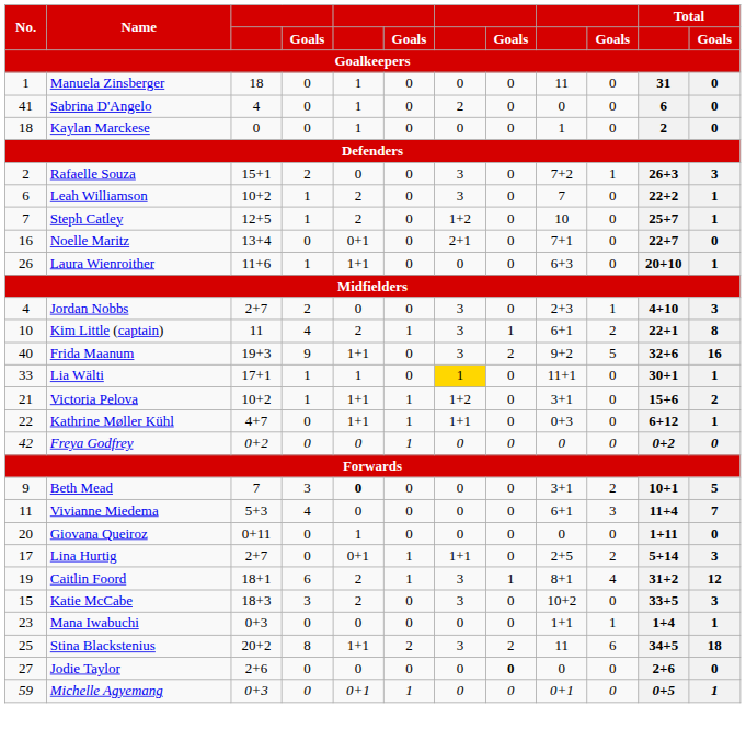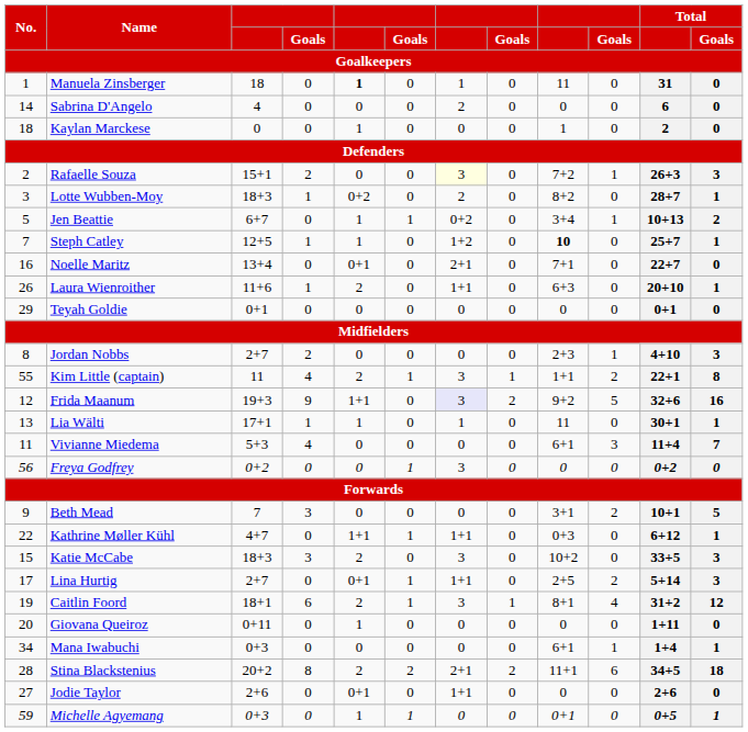 <table class="wikitable" style="text-align:center; font-size:100%; ">
 <tr>
 <th rowspan="2" style="background:#d50000; color:white; text-align:center; width:40px;">No.</th>
 <th rowspan="2" style="background:#d50000; color:white; text-align:center; width:200px;">Name</th>
 <th colspan="2" style="background:#d50000; color:white; text-align:center;"><a href='#'></a></th>
 <th colspan="2" style="background:#d50000; color:white; text-align:center;"><a href='#'></a></th>
 <th colspan="2" style="background:#d50000; color:white; text-align:center;"><a href='#'></a></th>
 <th colspan="2" style="background:#d50000; color:white; text-align:center;"><a href='#'></a></th>
 <th colspan="2" style="background:#d50000; color:white; text-align:center;">Total</th>
 </tr>
 <tr>
 <th style="background:#d50000; color:white; text-align:center; width:50px;"></th>
 <th style="background:#d50000; color:white; text-align:center; width:50px;">Goals</th>
 <th style="background:#d50000; color:white; text-align:center; width:50px;"></th>
 <th style="background:#d50000; color:white; text-align:center; width:50px;">Goals</th>
 <th style="background:#d50000; color:white; text-align:center; width:50px;"></th>
 <th style="background:#d50000; color:white; text-align:center; width:50px;">Goals</th>
 <th style="background:#d50000; color:white; text-align:center; width:50px;"></th>
 <th style="background:#d50000; color:white; text-align:center; width:50px;">Goals</th>
 <th style="background:#d50000; color:white; text-align:center; width:50px;"></th>
 <th style="background:#d50000; color:white; text-align:center; width:50px;">Goals</th>
 </tr>
 <tr>
 <th colspan="12" style="background:#d50000; color:white; text-align:center;">Goalkeepers</th>
 </tr>
 <tr>
 <td>1</td>
 <td align="left"> <a href='#'>Manuela Zinsberger</a></td>
 <td>18</td>
 <td>0</td>
+<td><strong>1</strong></td>
+<td>0</td>
 <td>1</td>
-<td>0</td>
-<td>0</td>
 <td>0</td>
 <td>11</td>
 <td>0</td>
 <th>31</th>
 <th>0</th>
 </tr>
 <tr>
-<td>41</td>
+<td>14</td>
 <td align="left"> <a href='#'>Sabrina D'Angelo</a></td>
 <td>4</td>
 <td>0</td>
-<td>1</td>
+<td>0</td>
 <td>0</td>
 <td>2</td>
 <td>0</td>
 <td>0</td>
 <td>0</td>
 <th>6</th>
 <th>0</th>
 </tr>
 <tr>
 <td>18</td>
 <td align="left"> <a href='#'>Kaylan Marckese</a></td>
 <td>0</td>
 <td>0</td>
 <td>1</td>
 <td>0</td>
 <td>0</td>
 <td>0</td>
 <td>1</td>
 <td>0</td>
 <th>2</th>
 <th>0</th>
 </tr>
 <tr>
 <th colspan="12" style="background:#d50000; color:white; text-align:center;">Defenders</th>
 </tr>
 <tr>
 <td>2</td>
 <td align="left"> <a href='#'>Rafaelle Souza</a></td>
 <td>15+1</td>
 <td>2</td>
 <td>0</td>
 <td>0</td>
-<td>3</td>
+<td style="background: lightyellow;">3</td>
 <td>0</td>
 <td>7+2</td>
 <td>1</td>
 <th>26+3</th>
 <th>3</th>
 </tr>
 <tr>
-<td>6</td>
-<td align="left"> <a href='#'>Leah Williamson</a></td>
-<td>10+2</td>
+<td>3</td>
+<td align="left"> <a href='#'>Lotte Wubben-Moy</a></td>
+<td>18+3</td>
 <td>1</td>
+<td>0+2</td>
+<td>0</td>
 <td>2</td>
 <td>0</td>
-<td>3</td>
+<td>8+2</td>
 <td>0</td>
-<td>7</td>
+<th>28+7</th>
+<th>1</th>
+</tr>
+<tr>
+<td>5</td>
+<td align="left"> <a href='#'>Jen Beattie</a></td>
+<td>6+7</td>
 <td>0</td>
-<th>22+2</th>
-<th>1</th>
+<td>1</td>
+<td>1</td>
+<td>0+2</td>
+<td>0</td>
+<td>3+4</td>
+<td>1</td>
+<th>10+13</th>
+<th>2</th>
 </tr>
 <tr>
 <td>7</td>
 <td align="left"> <a href='#'>Steph Catley</a></td>
 <td>12+5</td>
 <td>1</td>
-<td>2</td>
+<td>1</td>
 <td>0</td>
 <td>1+2</td>
 <td>0</td>
-<td>10</td>
+<td><strong>10</strong></td>
 <td>0</td>
 <th>25+7</th>
 <th>1</th>
 </tr>
 <tr>
 <td>16</td>
 <td align="left"> <a href='#'>Noelle Maritz</a></td>
 <td>13+4</td>
 <td>0</td>
 <td>0+1</td>
 <td>0</td>
 <td>2+1</td>
 <td>0</td>
 <td>7+1</td>
 <td>0</td>
 <th>22+7</th>
 <th>0</th>
 </tr>
 <tr>
 <td>26</td>
 <td align="left"> <a href='#'>Laura Wienroither</a></td>
 <td>11+6</td>
 <td>1</td>
+<td>2</td>
+<td>0</td>
 <td>1+1</td>
-<td>0</td>
-<td>0</td>
 <td>0</td>
 <td>6+3</td>
 <td>0</td>
 <th>20+10</th>
 <th>1</th>
 </tr>
 <tr>
+<td>29</td>
+<td align="left"> <a href='#'>Teyah Goldie</a></td>
+<td>0+1</td>
+<td>0</td>
+<td>0</td>
+<td>0</td>
+<td>0</td>
+<td>0</td>
+<td>0</td>
+<td>0</td>
+<th>0+1</th>
+<th>0</th>
+</tr>
+<tr>
 <th colspan="12" style="background:#d50000; color:white; text-align:center;">Midfielders</th>
 </tr>
 <tr>
-<td>4</td>
+<td>8</td>
 <td align="left"> <a href='#'>Jordan Nobbs</a></td>
 <td>2+7</td>
 <td>2</td>
 <td>0</td>
 <td>0</td>
-<td>3</td>
+<td>0</td>
 <td>0</td>
 <td>2+3</td>
 <td>1</td>
 <th>4+10</th>
 <th>3</th>
 </tr>
 <tr>
-<td>10</td>
+<td>55</td>
 <td align="left"> <a href='#'>Kim Little</a> (<a href='#'>captain</a>)</td>
 <td>11</td>
 <td>4</td>
 <td>2</td>
 <td>1</td>
 <td>3</td>
 <td>1</td>
-<td>6+1</td>
+<td>1+1</td>
 <td>2</td>
 <th>22+1</th>
 <th>8</th>
 </tr>
 <tr>
-<td>40</td>
+<td>12</td>
 <td align="left"> <a href='#'>Frida Maanum</a></td>
 <td>19+3</td>
 <td>9</td>
 <td>1+1</td>
 <td>0</td>
-<td>3</td>
+<td style="background: lavender;">3</td>
 <td>2</td>
 <td>9+2</td>
 <td>5</td>
 <th>32+6</th>
 <th>16</th>
 </tr>
 <tr>
-<td>33</td>
+<td>13</td>
 <td align="left"> <a href='#'>Lia Wälti</a></td>
 <td>17+1</td>
 <td>1</td>
 <td>1</td>
 <td>0</td>
-<td style="background: gold;">1</td>
+<td>1</td>
 <td>0</td>
-<td>11+1</td>
+<td>11</td>
 <td>0</td>
 <th>30+1</th>
 <th>1</th>
 </tr>
 <tr>
-<td>21</td>
-<td align="left"> <a href='#'>Victoria Pelova</a></td>
-<td>10+2</td>
-<td>1</td>
-<td>1+1</td>
-<td>1</td>
-<td>1+2</td>
+<td>11</td>
+<td align="left"> <a href='#'>Vivianne Miedema</a></td>
+<td>5+3</td>
+<td>4</td>
+<td>0</td>
+<td>0</td>
+<td>0</td>
+<td>0</td>
+<td>6+1</td>
+<td>3</td>
+<th>11+4</th>
+<th>7</th>
+</tr>
+<tr>
+<td><em>56</em></td>
+<td align="left"><em> <a href='#'>Freya Godfrey</a></em></td>
+<td><em>0+2</em></td>
+<td><em>0</em></td>
+<td><em>0</em></td>
+<td><em>1</em></td>
+<td>3</td>
+<td><em>0</em></td>
+<td><em>0</em></td>
+<td><em>0</em></td>
+<th><em>0+2</em></th>
+<th><em>0</em></th>
+</tr>
+<tr>
+<th colspan="12" style="background:#d50000; color:white; text-align:center;">Forwards</th>
+</tr>
+<tr>
+<td>9</td>
+<td align="left"> <a href='#'>Beth Mead</a></td>
+<td>7</td>
+<td>3</td>
+<td>0</td>
+<td>0</td>
+<td>0</td>
 <td>0</td>
 <td>3+1</td>
-<td>0</td>
-<th>15+6</th>
-<th>2</th>
+<td>2</td>
+<th>10+1</th>
+<th>5</th>
 </tr>
 <tr>
 <td>22</td>
 <td align="left"> <a href='#'>Kathrine Møller Kühl</a></td>
 <td>4+7</td>
 <td>0</td>
 <td>1+1</td>
 <td>1</td>
 <td>1+1</td>
 <td>0</td>
 <td>0+3</td>
 <td>0</td>
 <th>6+12</th>
 <th>1</th>
 </tr>
 <tr>
-<td><em>42</em></td>
-<td align="left"><em> <a href='#'>Freya Godfrey</a></em></td>
-<td><em>0+2</em></td>
-<td><em>0</em></td>
-<td><em>0</em></td>
-<td><em>1</em></td>
-<td><em>0</em></td>
-<td><em>0</em></td>
-<td><em>0</em></td>
-<td><em>0</em></td>
-<th><em>0+2</em></th>
-<th><em>0</em></th>
-</tr>
-<tr>
-<th colspan="12" style="background:#d50000; color:white; text-align:center;">Forwards</th>
-</tr>
-<tr>
-<td>9</td>
-<td align="left"> <a href='#'>Beth Mead</a></td>
-<td>7</td>
+<td>15</td>
+<td align="left"> <a href='#'>Katie McCabe</a></td>
+<td>18+3</td>
 <td>3</td>
-<td><strong>0</strong></td>
+<td>2</td>
 <td>0</td>
+<td>3</td>
 <td>0</td>
+<td>10+2</td>
 <td>0</td>
-<td>3+1</td>
-<td>2</td>
-<th>10+1</th>
-<th>5</th>
-</tr>
-<tr>
-<td>11</td>
-<td align="left"> <a href='#'>Vivianne Miedema</a></td>
-<td>5+3</td>
-<td>4</td>
-<td>0</td>
-<td>0</td>
-<td>0</td>
-<td>0</td>
-<td>6+1</td>
-<td>3</td>
-<th>11+4</th>
-<th>7</th>
-</tr>
-<tr>
-<td>20</td>
-<td align="left"> <a href='#'>Giovana Queiroz</a></td>
-<td>0+11</td>
-<td>0</td>
-<td>1</td>
-<td>0</td>
-<td>0</td>
-<td>0</td>
-<td>0</td>
-<td>0</td>
-<th>1+11</th>
-<th>0</th>
+<th>33+5</th>
+<th>3</th>
 </tr>
 <tr>
 <td>17</td>
 <td align="left"> <a href='#'>Lina Hurtig</a></td>
 <td>2+7</td>
 <td>0</td>
 <td>0+1</td>
 <td>1</td>
 <td>1+1</td>
 <td>0</td>
 <td>2+5</td>
 <td>2</td>
 <th>5+14</th>
 <th>3</th>
 </tr>
 <tr>
 <td>19</td>
 <td align="left"> <a href='#'>Caitlin Foord</a></td>
 <td>18+1</td>
 <td>6</td>
 <td>2</td>
 <td>1</td>
 <td>3</td>
 <td>1</td>
 <td>8+1</td>
 <td>4</td>
 <th>31+2</th>
 <th>12</th>
 </tr>
 <tr>
-<td>15</td>
-<td align="left"> <a href='#'>Katie McCabe</a></td>
-<td>18+3</td>
-<td>3</td>
-<td>2</td>
+<td>20</td>
+<td align="left"> <a href='#'>Giovana Queiroz</a></td>
+<td>0+11</td>
 <td>0</td>
-<td>3</td>
+<td>1</td>
 <td>0</td>
-<td>10+2</td>
 <td>0</td>
-<th>33+5</th>
-<th>3</th>
+<td>0</td>
+<td>0</td>
+<td>0</td>
+<th>1+11</th>
+<th>0</th>
 </tr>
 <tr>
-<td>23</td>
+<td>34</td>
 <td align="left"> <a href='#'>Mana Iwabuchi</a></td>
 <td>0+3</td>
 <td>0</td>
 <td>0</td>
 <td>0</td>
 <td>0</td>
 <td>0</td>
-<td>1+1</td>
+<td>6+1</td>
 <td>1</td>
 <th>1+4</th>
 <th>1</th>
 </tr>
 <tr>
-<td>25</td>
+<td>28</td>
 <td align="left"> <a href='#'>Stina Blackstenius</a></td>
 <td>20+2</td>
 <td>8</td>
-<td>1+1</td>
 <td>2</td>
-<td>3</td>
 <td>2</td>
-<td>11</td>
+<td>2+1</td>
+<td>2</td>
+<td>11+1</td>
 <td>6</td>
 <th>34+5</th>
 <th>18</th>
 </tr>
 <tr>
 <td>27</td>
 <td align="left"> <a href='#'>Jodie Taylor</a></td>
 <td>2+6</td>
 <td>0</td>
+<td>0+1</td>
 <td>0</td>
+<td>1+1</td>
 <td>0</td>
-<td>0</td>
-<td><strong>0</strong></td>
 <td>0</td>
 <td>0</td>
 <th>2+6</th>
 <th>0</th>
 </tr>
 <tr>
 <td><em>59</em></td>
 <td align="left"><em> <a href='#'>Michelle Agyemang</a></em></td>
 <td><em>0+3</em></td>
 <td><em>0</em></td>
-<td><em>0+1</em></td>
+<td>1</td>
 <td><em>1</em></td>
 <td><em>0</em></td>
 <td><em>0</em></td>
 <td><em>0+1</em></td>
 <td><em>0</em></td>
 <th><em>0+5</em></th>
 <th><em>1</em></th>
 </tr>
 </table>
